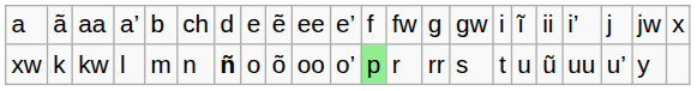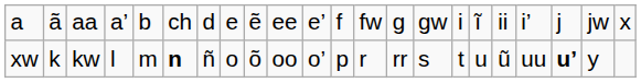 <table class="wikitable">
 <tr>
 <td>a</td>
 <td>ã</td>
 <td>aa</td>
 <td>a’</td>
 <td>b</td>
 <td>ch</td>
 <td>d</td>
 <td>e</td>
 <td>ẽ</td>
 <td>ee</td>
 <td>e’</td>
 <td>f</td>
 <td>fw</td>
 <td>g</td>
 <td>gw</td>
 <td>i</td>
 <td>ĩ</td>
 <td>ii</td>
 <td>i’</td>
 <td>j</td>
 <td>jw</td>
 <td>x</td>
 </tr>
 <tr>
 <td>xw</td>
 <td>k</td>
 <td>kw</td>
 <td>l</td>
 <td>m</td>
-<td>n</td>
-<td><strong>ñ</strong></td>
+<td><strong>n</strong></td>
+<td>ñ</td>
 <td>o</td>
 <td>õ</td>
 <td>oo</td>
 <td>o’</td>
-<td style="background: lightgreen;">p</td>
+<td>p</td>
 <td>r</td>
 <td>rr</td>
 <td>s</td>
 <td>t</td>
 <td>u</td>
 <td>ũ</td>
 <td>uu</td>
-<td>u’</td>
+<td><strong>u’</strong></td>
 <td>y</td>
 </tr>
 </table>
